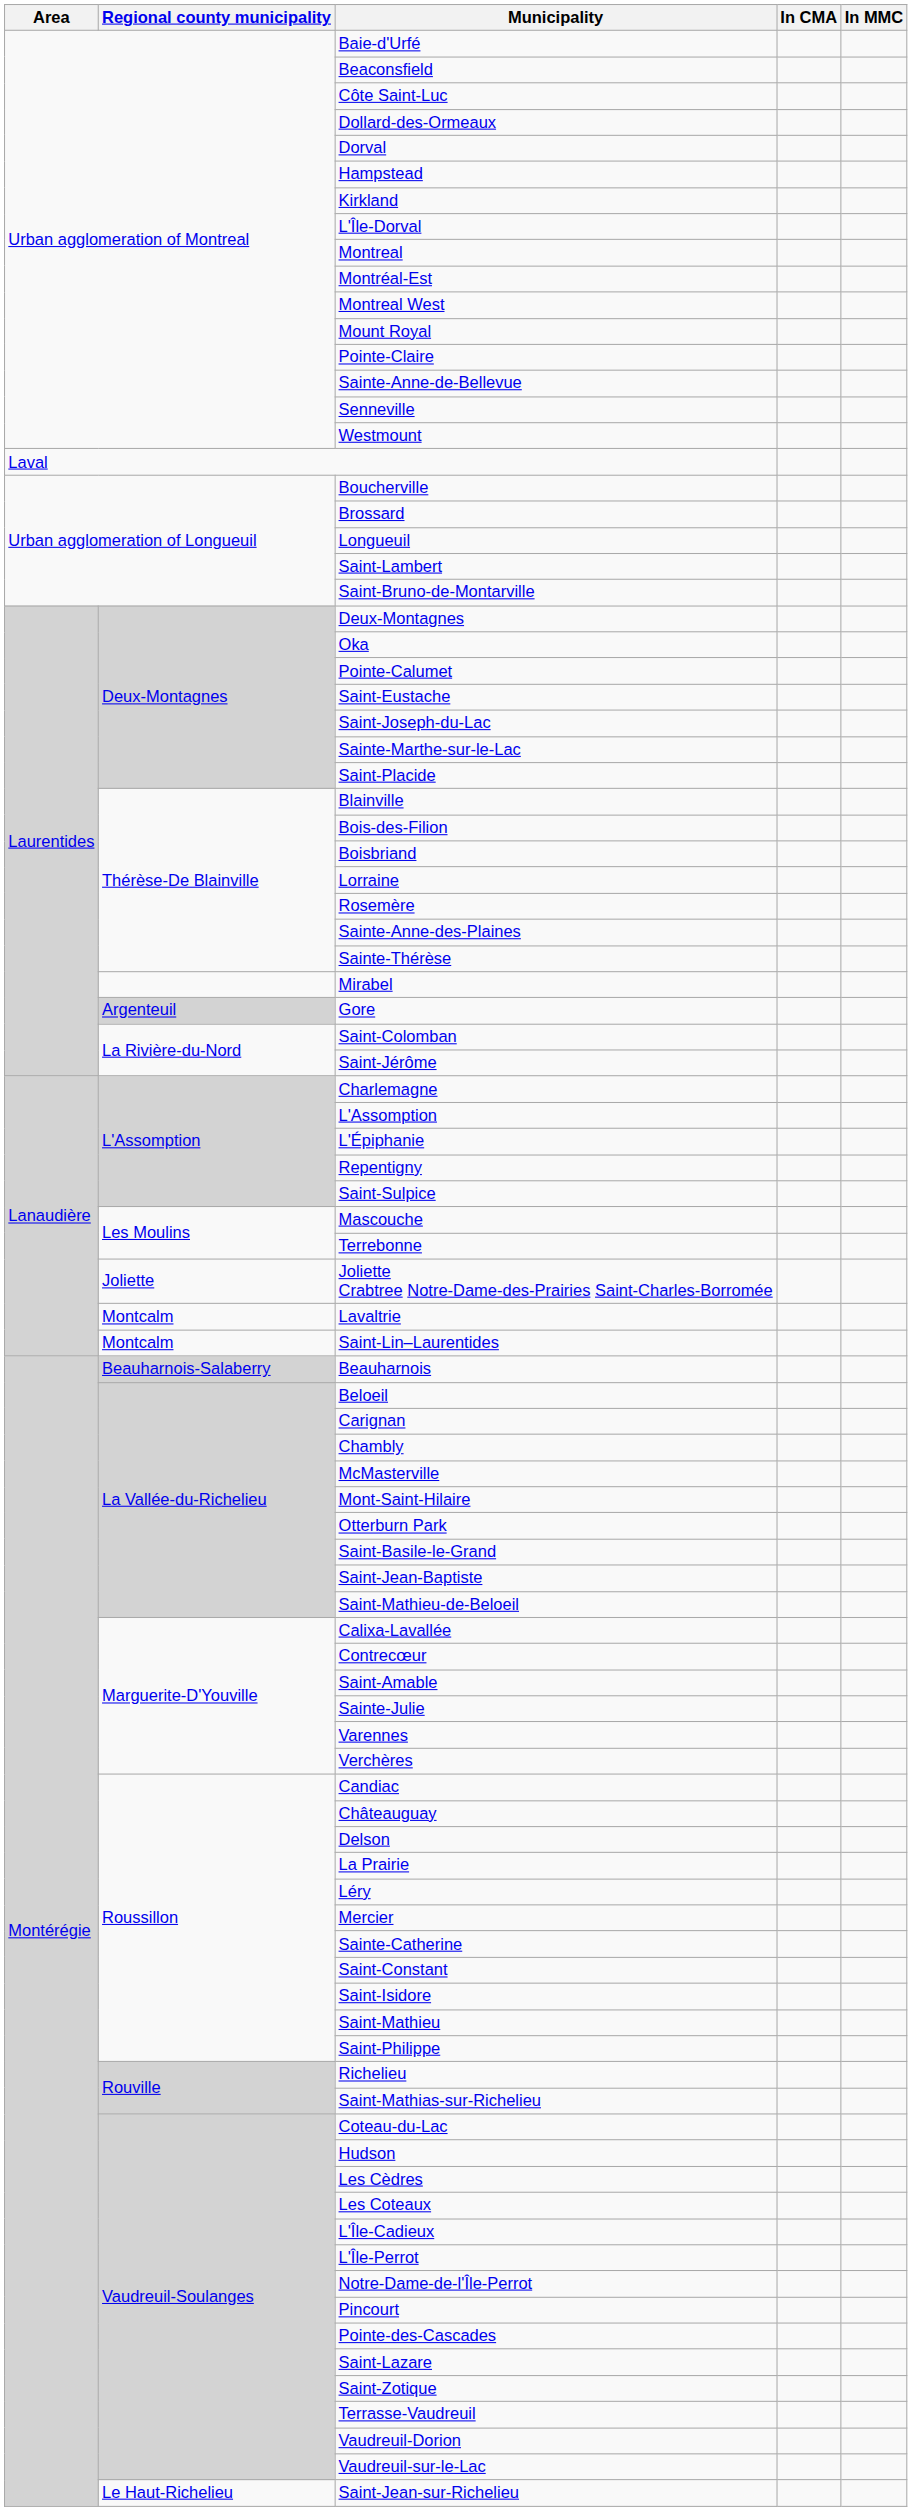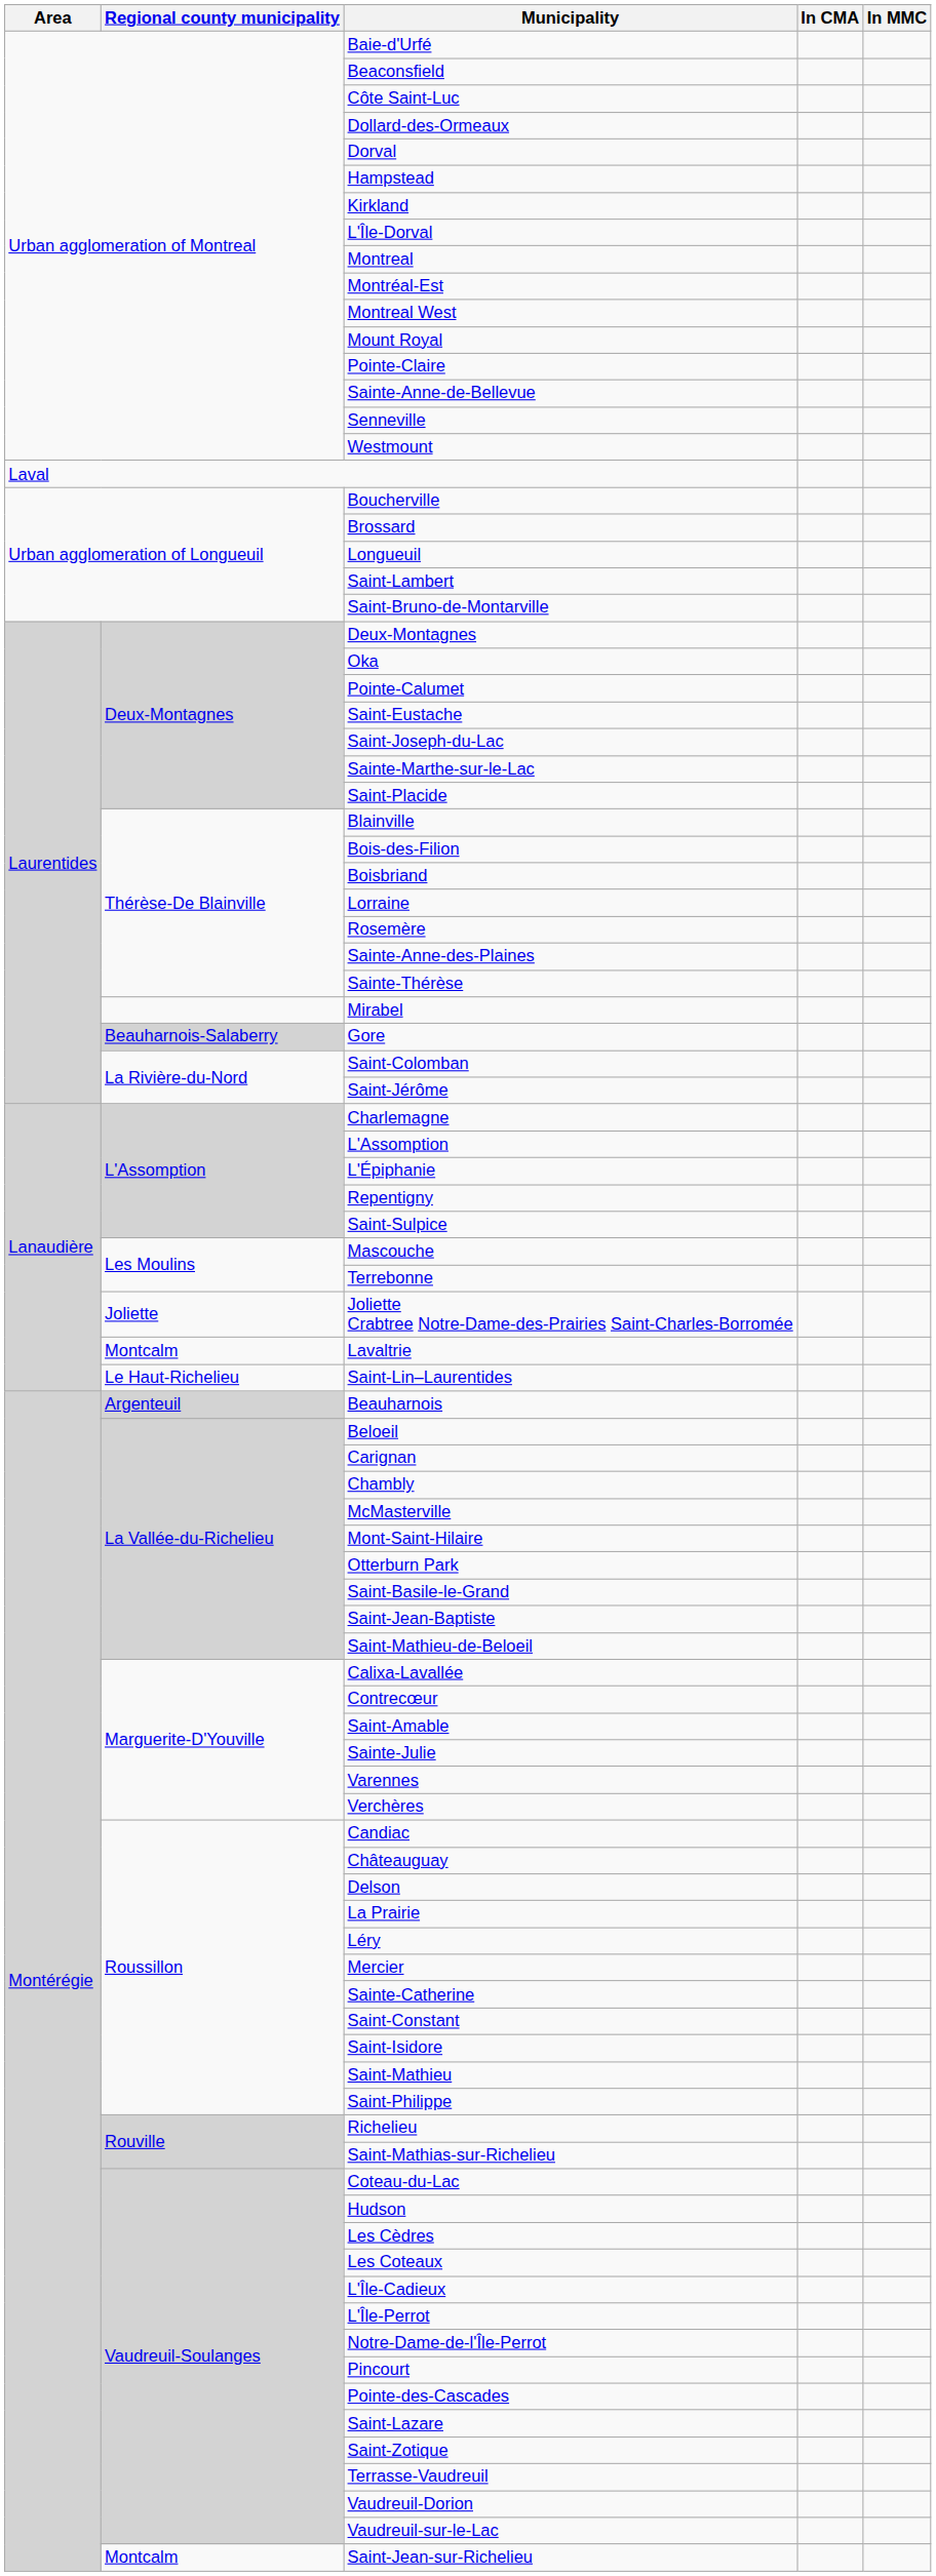 <table class="wikitable">
 <tr>
 <th>Area</th>
 <th><a href='#'>Regional county municipality</a></th>
 <th>Municipality</th>
 <th>In CMA</th>
 <th>In MMC</th>
 </tr>
 <tr>
 <td colspan="2" rowspan="16"><a href='#'>Urban agglomeration of Montreal</a></td>
 <td><a href='#'>Baie-d'Urfé</a></td>
 <td></td>
 <td></td>
 </tr>
 <tr>
 <td><a href='#'>Beaconsfield</a></td>
 <td></td>
 <td></td>
 </tr>
 <tr>
 <td><a href='#'>Côte Saint-Luc</a></td>
 <td></td>
 <td></td>
 </tr>
 <tr>
 <td><a href='#'>Dollard-des-Ormeaux</a></td>
 <td></td>
 <td></td>
 </tr>
 <tr>
 <td><a href='#'>Dorval</a></td>
 <td></td>
 <td></td>
 </tr>
 <tr>
 <td><a href='#'>Hampstead</a></td>
 <td></td>
 <td></td>
 </tr>
 <tr>
 <td><a href='#'>Kirkland</a></td>
 <td></td>
 <td></td>
 </tr>
 <tr>
 <td><a href='#'>L'Île-Dorval</a></td>
 <td></td>
 <td></td>
 </tr>
 <tr>
 <td><a href='#'>Montreal</a></td>
 <td></td>
 <td></td>
 </tr>
 <tr>
 <td><a href='#'>Montréal-Est</a></td>
 <td></td>
 <td></td>
 </tr>
 <tr>
 <td><a href='#'>Montreal West</a></td>
 <td></td>
 <td></td>
 </tr>
 <tr>
 <td><a href='#'>Mount Royal</a></td>
 <td></td>
 <td></td>
 </tr>
 <tr>
 <td><a href='#'>Pointe-Claire</a></td>
 <td></td>
 <td></td>
 </tr>
 <tr>
 <td><a href='#'>Sainte-Anne-de-Bellevue</a></td>
 <td></td>
 <td></td>
 </tr>
 <tr>
 <td><a href='#'>Senneville</a></td>
 <td></td>
 <td></td>
 </tr>
 <tr>
 <td><a href='#'>Westmount</a></td>
 <td></td>
 <td></td>
 </tr>
 <tr>
 <td colspan="3"><a href='#'>Laval</a></td>
 <td></td>
 <td></td>
 </tr>
 <tr>
 <td colspan="2" rowspan="5"><a href='#'>Urban agglomeration of Longueuil</a></td>
 <td><a href='#'>Boucherville</a></td>
 <td></td>
 <td></td>
 </tr>
 <tr>
 <td><a href='#'>Brossard</a></td>
 <td></td>
 <td></td>
 </tr>
 <tr>
 <td><a href='#'>Longueuil</a></td>
 <td></td>
 <td></td>
 </tr>
 <tr>
 <td><a href='#'>Saint-Lambert</a></td>
 <td></td>
 <td></td>
 </tr>
 <tr>
 <td><a href='#'>Saint-Bruno-de-Montarville</a></td>
 <td></td>
 <td></td>
 </tr>
 <tr>
 <td rowspan="18" style="background-color:lightgray;"><a href='#'>Laurentides</a></td>
 <td rowspan="7" style="background-color:lightgray;"><a href='#'>Deux-Montagnes</a></td>
 <td><a href='#'>Deux-Montagnes</a></td>
 <td></td>
 <td></td>
 </tr>
 <tr>
 <td><a href='#'>Oka</a></td>
 <td></td>
 <td></td>
 </tr>
 <tr>
 <td><a href='#'>Pointe-Calumet</a></td>
 <td></td>
 <td></td>
 </tr>
 <tr>
 <td><a href='#'>Saint-Eustache</a></td>
 <td></td>
 <td></td>
 </tr>
 <tr>
 <td><a href='#'>Saint-Joseph-du-Lac</a></td>
 <td></td>
 <td></td>
 </tr>
 <tr>
 <td><a href='#'>Sainte-Marthe-sur-le-Lac</a></td>
 <td></td>
 <td></td>
 </tr>
 <tr>
 <td><a href='#'>Saint-Placide</a></td>
 <td></td>
 <td></td>
 </tr>
 <tr>
 <td rowspan="7"><a href='#'>Thérèse-De Blainville</a></td>
 <td><a href='#'>Blainville</a></td>
 <td></td>
 <td></td>
 </tr>
 <tr>
 <td><a href='#'>Bois-des-Filion</a></td>
 <td></td>
 <td></td>
 </tr>
 <tr>
 <td><a href='#'>Boisbriand</a></td>
 <td></td>
 <td></td>
 </tr>
 <tr>
 <td><a href='#'>Lorraine</a></td>
 <td></td>
 <td></td>
 </tr>
 <tr>
 <td><a href='#'>Rosemère</a></td>
 <td></td>
 <td></td>
 </tr>
 <tr>
 <td><a href='#'>Sainte-Anne-des-Plaines</a></td>
 <td></td>
 <td></td>
 </tr>
 <tr>
 <td><a href='#'>Sainte-Thérèse</a></td>
 <td></td>
 <td></td>
 </tr>
 <tr>
 <td></td>
 <td><a href='#'>Mirabel</a></td>
 <td></td>
 <td></td>
 </tr>
 <tr>
-<td style="background-color:lightgray;"><a href='#'>Argenteuil</a></td>
+<td style="background-color:lightgray;"><a href='#'>Beauharnois-Salaberry</a></td>
 <td><a href='#'>Gore</a></td>
 <td></td>
 <td></td>
 </tr>
 <tr>
 <td rowspan="2"><a href='#'>La Rivière-du-Nord</a></td>
 <td><a href='#'>Saint-Colomban</a></td>
 <td></td>
 <td></td>
 </tr>
 <tr>
 <td><a href='#'>Saint-Jérôme</a></td>
 <td></td>
 <td></td>
 </tr>
 <tr>
 <td rowspan="10" style="background-color:lightgray;"><a href='#'>Lanaudière</a></td>
 <td rowspan="5" style="background-color:lightgray;"><a href='#'>L'Assomption</a></td>
 <td><a href='#'>Charlemagne</a></td>
 <td></td>
 <td></td>
 </tr>
 <tr>
 <td><a href='#'>L'Assomption</a></td>
 <td></td>
 <td></td>
 </tr>
 <tr>
 <td><a href='#'>L'Épiphanie</a></td>
 <td></td>
 <td></td>
 </tr>
 <tr>
 <td><a href='#'>Repentigny</a></td>
 <td></td>
 <td></td>
 </tr>
 <tr>
 <td><a href='#'>Saint-Sulpice</a></td>
 <td></td>
 <td></td>
 </tr>
 <tr>
 <td rowspan="2"><a href='#'>Les Moulins</a></td>
 <td><a href='#'>Mascouche</a></td>
 <td></td>
 <td></td>
 </tr>
 <tr>
 <td><a href='#'>Terrebonne</a></td>
 <td></td>
 <td></td>
 </tr>
 <tr>
 <td><a href='#'>Joliette</a></td>
 <td><a href='#'>Joliette</a><br><a href='#'>Crabtree</a>  <a href='#'>Notre-Dame-des-Prairies</a>  <a href='#'>Saint-Charles-Borromée</a></td>
 <td></td>
 <td></td>
 </tr>
 <tr>
 <td><a href='#'>Montcalm</a></td>
 <td><a href='#'>Lavaltrie</a></td>
 <td></td>
 <td></td>
 </tr>
 <tr>
-<td><a href='#'>Montcalm</a></td>
+<td><a href='#'>Le Haut-Richelieu</a></td>
 <td><a href='#'>Saint-Lin–Laurentides</a></td>
 <td></td>
 <td></td>
 </tr>
 <tr>
 <td rowspan="44" style="background-color:lightgray;"><a href='#'>Montérégie</a></td>
-<td style="background-color:lightgray;"><a href='#'>Beauharnois-Salaberry</a></td>
+<td style="background-color:lightgray;"><a href='#'>Argenteuil</a></td>
 <td><a href='#'>Beauharnois</a></td>
 <td></td>
 <td></td>
 </tr>
 <tr>
 <td rowspan="9" style="background-color:lightgray;"><a href='#'>La Vallée-du-Richelieu</a></td>
 <td><a href='#'>Beloeil</a></td>
 <td></td>
 <td></td>
 </tr>
 <tr>
 <td><a href='#'>Carignan</a></td>
 <td></td>
 <td></td>
 </tr>
 <tr>
 <td><a href='#'>Chambly</a></td>
 <td></td>
 <td></td>
 </tr>
 <tr>
 <td><a href='#'>McMasterville</a></td>
 <td></td>
 <td></td>
 </tr>
 <tr>
 <td><a href='#'>Mont-Saint-Hilaire</a></td>
 <td></td>
 <td></td>
 </tr>
 <tr>
 <td><a href='#'>Otterburn Park</a></td>
 <td></td>
 <td></td>
 </tr>
 <tr>
 <td><a href='#'>Saint-Basile-le-Grand</a></td>
 <td></td>
 <td></td>
 </tr>
 <tr>
 <td><a href='#'>Saint-Jean-Baptiste</a></td>
 <td></td>
 <td></td>
 </tr>
 <tr>
 <td><a href='#'>Saint-Mathieu-de-Beloeil</a></td>
 <td></td>
 <td></td>
 </tr>
 <tr>
 <td rowspan="6"><a href='#'>Marguerite-D'Youville</a></td>
 <td><a href='#'>Calixa-Lavallée</a></td>
 <td></td>
 <td></td>
 </tr>
 <tr>
 <td><a href='#'>Contrecœur</a></td>
 <td></td>
 <td></td>
 </tr>
 <tr>
 <td><a href='#'>Saint-Amable</a></td>
 <td></td>
 <td></td>
 </tr>
 <tr>
 <td><a href='#'>Sainte-Julie</a></td>
 <td></td>
 <td></td>
 </tr>
 <tr>
 <td><a href='#'>Varennes</a></td>
 <td></td>
 <td></td>
 </tr>
 <tr>
 <td><a href='#'>Verchères</a></td>
 <td></td>
 <td></td>
 </tr>
 <tr>
 <td rowspan="11"><a href='#'>Roussillon</a></td>
 <td><a href='#'>Candiac</a></td>
 <td></td>
 <td></td>
 </tr>
 <tr>
 <td><a href='#'>Châteauguay</a></td>
 <td></td>
 <td></td>
 </tr>
 <tr>
 <td><a href='#'>Delson</a></td>
 <td></td>
 <td></td>
 </tr>
 <tr>
 <td><a href='#'>La Prairie</a></td>
 <td></td>
 <td></td>
 </tr>
 <tr>
 <td><a href='#'>Léry</a></td>
 <td></td>
 <td></td>
 </tr>
 <tr>
 <td><a href='#'>Mercier</a></td>
 <td></td>
 <td></td>
 </tr>
 <tr>
 <td><a href='#'>Sainte-Catherine</a></td>
 <td></td>
 <td></td>
 </tr>
 <tr>
 <td><a href='#'>Saint-Constant</a></td>
 <td></td>
 <td></td>
 </tr>
 <tr>
 <td><a href='#'>Saint-Isidore</a></td>
 <td></td>
 <td></td>
 </tr>
 <tr>
 <td><a href='#'>Saint-Mathieu</a></td>
 <td></td>
 <td></td>
 </tr>
 <tr>
 <td><a href='#'>Saint-Philippe</a></td>
 <td></td>
 <td></td>
 </tr>
 <tr>
 <td rowspan="2" style="background-color:lightgray;"><a href='#'>Rouville</a></td>
 <td><a href='#'>Richelieu</a></td>
 <td></td>
 <td></td>
 </tr>
 <tr>
 <td><a href='#'>Saint-Mathias-sur-Richelieu</a></td>
 <td></td>
 <td></td>
 </tr>
 <tr>
 <td rowspan="14" style="background-color:lightgray;"><a href='#'>Vaudreuil-Soulanges</a></td>
 <td><a href='#'>Coteau-du-Lac</a></td>
 <td></td>
 <td></td>
 </tr>
 <tr>
 <td><a href='#'>Hudson</a></td>
 <td></td>
 <td></td>
 </tr>
 <tr>
 <td><a href='#'>Les Cèdres</a></td>
 <td></td>
 <td></td>
 </tr>
 <tr>
 <td><a href='#'>Les Coteaux</a></td>
 <td></td>
 <td></td>
 </tr>
 <tr>
 <td><a href='#'>L'Île-Cadieux</a></td>
 <td></td>
 <td></td>
 </tr>
 <tr>
 <td><a href='#'>L'Île-Perrot</a></td>
 <td></td>
 <td></td>
 </tr>
 <tr>
 <td><a href='#'>Notre-Dame-de-l'Île-Perrot</a></td>
 <td></td>
 <td></td>
 </tr>
 <tr>
 <td><a href='#'>Pincourt</a></td>
 <td></td>
 <td></td>
 </tr>
 <tr>
 <td><a href='#'>Pointe-des-Cascades</a></td>
 <td></td>
 <td></td>
 </tr>
 <tr>
 <td><a href='#'>Saint-Lazare</a></td>
 <td></td>
 <td></td>
 </tr>
 <tr>
 <td><a href='#'>Saint-Zotique</a></td>
 <td></td>
 <td></td>
 </tr>
 <tr>
 <td><a href='#'>Terrasse-Vaudreuil</a></td>
 <td></td>
 <td></td>
 </tr>
 <tr>
 <td><a href='#'>Vaudreuil-Dorion</a></td>
 <td></td>
 <td></td>
 </tr>
 <tr>
 <td><a href='#'>Vaudreuil-sur-le-Lac</a></td>
 <td></td>
 <td></td>
 </tr>
 <tr>
-<td><a href='#'>Le Haut-Richelieu</a></td>
+<td><a href='#'>Montcalm</a></td>
 <td><a href='#'>Saint-Jean-sur-Richelieu</a></td>
 <td></td>
 <td></td>
 </tr>
 </table>
